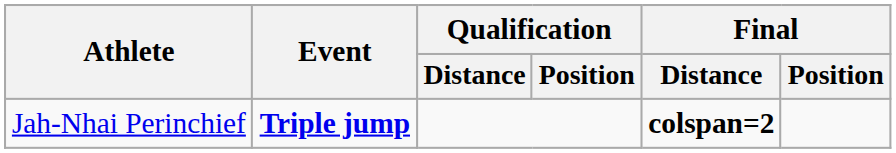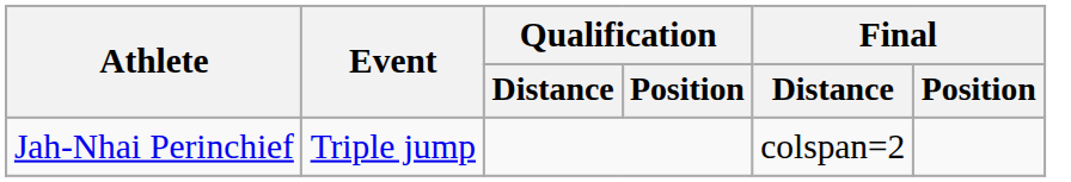 <table class=wikitable style=font-size:90%>
 <tr>
 <th rowspan=2>Athlete</th>
 <th rowspan=2>Event</th>
 <th colspan=2>Qualification</th>
 <th colspan=2>Final</th>
 </tr>
 <tr style=font-size:95%>
 <th>Distance</th>
 <th>Position</th>
 <th>Distance</th>
 <th>Position</th>
 </tr>
 <tr align=center>
 <td align=left><a href='#'>Jah-Nhai Perinchief</a></td>
-<td align=left><strong><a href='#'>Triple jump</a></strong></td>
+<td align=left><a href='#'>Triple jump</a></td>
 <td colspan=2></td>
-<td><strong>colspan=2 </strong></td>
+<td>colspan=2 </td>
 </tr>
 </table>
